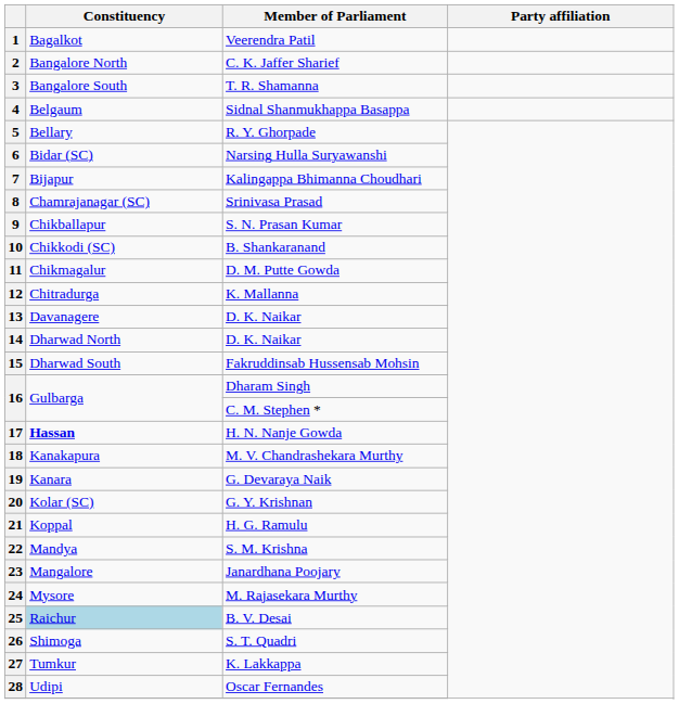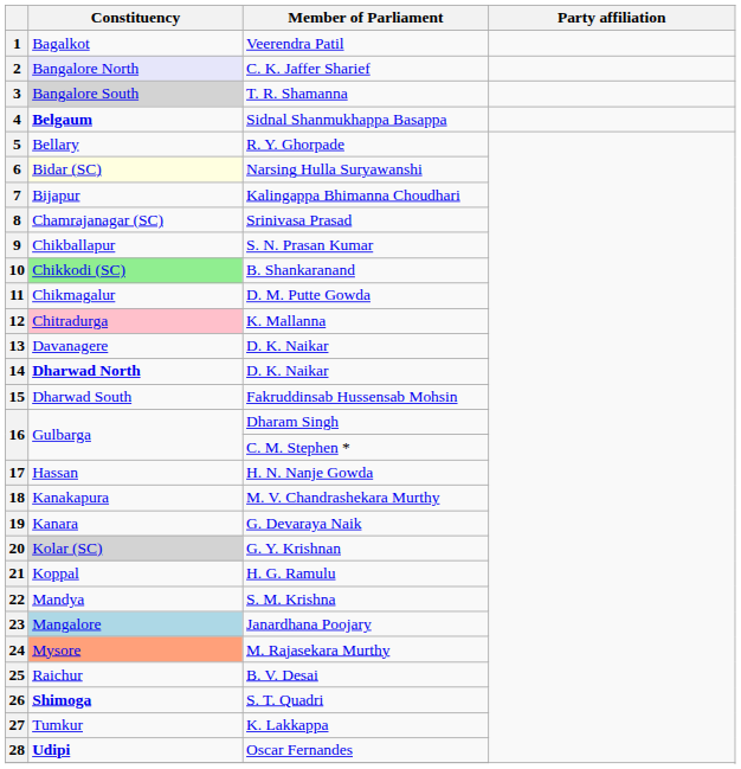 <table class="wikitable sortable">
 <tr style="text-align:center;">
 <th></th>
 <th style="width:13em">Constituency</th>
 <th style="width:15em">Member of Parliament</th>
 <th colspan="2" style="width:15em">Party affiliation</th>
 </tr>
 <tr>
 <th>1</th>
 <td><a href='#'>Bagalkot</a></td>
 <td><a href='#'>Veerendra Patil</a></td>
 <td></td>
 </tr>
 <tr>
 <th>2</th>
-<td><a href='#'>Bangalore North</a></td>
+<td style="background: lavender;"><a href='#'>Bangalore North</a></td>
 <td><a href='#'>C. K. Jaffer Sharief</a></td>
 </tr>
 <tr>
 <th>3</th>
-<td><a href='#'>Bangalore South</a></td>
+<td style="background: lightgrey;"><a href='#'>Bangalore South</a></td>
 <td><a href='#'>T. R. Shamanna</a></td>
 <td></td>
 </tr>
 <tr>
 <th>4</th>
-<td><a href='#'>Belgaum</a></td>
+<td><strong><a href='#'>Belgaum</a></strong></td>
 <td><a href='#'>Sidnal Shanmukhappa Basappa</a></td>
 <td></td>
 </tr>
 <tr>
 <th>5</th>
 <td><a href='#'>Bellary</a></td>
 <td><a href='#'>R. Y. Ghorpade</a></td>
 </tr>
 <tr>
 <th>6</th>
-<td><a href='#'>Bidar (SC)</a></td>
+<td style="background: lightyellow;"><a href='#'>Bidar (SC)</a></td>
 <td><a href='#'>Narsing Hulla Suryawanshi</a></td>
 </tr>
 <tr>
 <th>7</th>
 <td><a href='#'>Bijapur</a></td>
 <td><a href='#'>Kalingappa Bhimanna Choudhari</a></td>
 </tr>
 <tr>
 <th>8</th>
 <td><a href='#'>Chamrajanagar (SC)</a></td>
 <td><a href='#'>Srinivasa Prasad</a></td>
 </tr>
 <tr>
 <th>9</th>
 <td><a href='#'>Chikballapur</a></td>
 <td><a href='#'>S. N. Prasan Kumar</a></td>
 </tr>
 <tr>
 <th>10</th>
-<td><a href='#'>Chikkodi (SC)</a></td>
+<td style="background: lightgreen;"><a href='#'>Chikkodi (SC)</a></td>
 <td><a href='#'>B. Shankaranand</a></td>
 </tr>
 <tr>
 <th>11</th>
 <td><a href='#'>Chikmagalur</a></td>
 <td><a href='#'>D. M. Putte Gowda</a></td>
 </tr>
 <tr>
 <th>12</th>
-<td><a href='#'>Chitradurga</a></td>
+<td style="background: pink;"><a href='#'>Chitradurga</a></td>
 <td><a href='#'>K. Mallanna</a></td>
 </tr>
 <tr>
 <th>13</th>
 <td><a href='#'>Davanagere</a></td>
 <td><a href='#'>D. K. Naikar</a></td>
 </tr>
 <tr>
 <th>14</th>
-<td><a href='#'>Dharwad North</a></td>
+<td><strong><a href='#'>Dharwad North</a></strong></td>
 <td><a href='#'>D. K. Naikar</a></td>
 </tr>
 <tr>
 <th>15</th>
 <td><a href='#'>Dharwad South</a></td>
 <td><a href='#'>Fakruddinsab Hussensab Mohsin</a></td>
 </tr>
 <tr>
 <th rowspan=2>16</th>
 <td rowspan=2><a href='#'>Gulbarga</a></td>
 <td><a href='#'>Dharam Singh</a></td>
 </tr>
 <tr>
 <td><a href='#'>C. M. Stephen</a> *</td>
 </tr>
 <tr>
 <th>17</th>
-<td><strong><a href='#'>Hassan</a></strong></td>
+<td><a href='#'>Hassan</a></td>
 <td><a href='#'>H. N. Nanje Gowda</a></td>
 </tr>
 <tr>
 <th>18</th>
 <td><a href='#'>Kanakapura</a></td>
 <td><a href='#'>M. V. Chandrashekara Murthy</a></td>
 </tr>
 <tr>
 <th>19</th>
 <td><a href='#'>Kanara</a></td>
 <td><a href='#'>G. Devaraya Naik</a></td>
 </tr>
 <tr>
 <th>20</th>
-<td><a href='#'>Kolar (SC)</a></td>
+<td style="background: lightgrey;"><a href='#'>Kolar (SC)</a></td>
 <td><a href='#'>G. Y. Krishnan</a></td>
 </tr>
 <tr>
 <th>21</th>
 <td><a href='#'>Koppal</a></td>
 <td><a href='#'>H. G. Ramulu</a></td>
 </tr>
 <tr>
 <th>22</th>
 <td><a href='#'>Mandya</a></td>
 <td><a href='#'>S. M. Krishna</a></td>
 </tr>
 <tr>
 <th>23</th>
-<td><a href='#'>Mangalore</a></td>
+<td style="background: lightblue;"><a href='#'>Mangalore</a></td>
 <td><a href='#'>Janardhana Poojary</a></td>
 </tr>
 <tr>
 <th>24</th>
-<td><a href='#'>Mysore</a></td>
+<td style="background: lightsalmon;"><a href='#'>Mysore</a></td>
 <td><a href='#'>M. Rajasekara Murthy</a></td>
 </tr>
 <tr>
 <th>25</th>
-<td style="background: lightblue;"><a href='#'>Raichur</a></td>
+<td><a href='#'>Raichur</a></td>
 <td><a href='#'>B. V. Desai</a></td>
 </tr>
 <tr>
 <th>26</th>
-<td><a href='#'>Shimoga</a></td>
+<td><strong><a href='#'>Shimoga</a></strong></td>
 <td><a href='#'>S. T. Quadri</a></td>
 </tr>
 <tr>
 <th>27</th>
 <td><a href='#'>Tumkur</a></td>
 <td><a href='#'>K. Lakkappa</a></td>
 </tr>
 <tr>
 <th>28</th>
-<td><a href='#'>Udipi</a></td>
+<td><strong><a href='#'>Udipi</a></strong></td>
 <td><a href='#'>Oscar Fernandes</a></td>
 </tr>
 <tr>
 </tr>
 </table>
